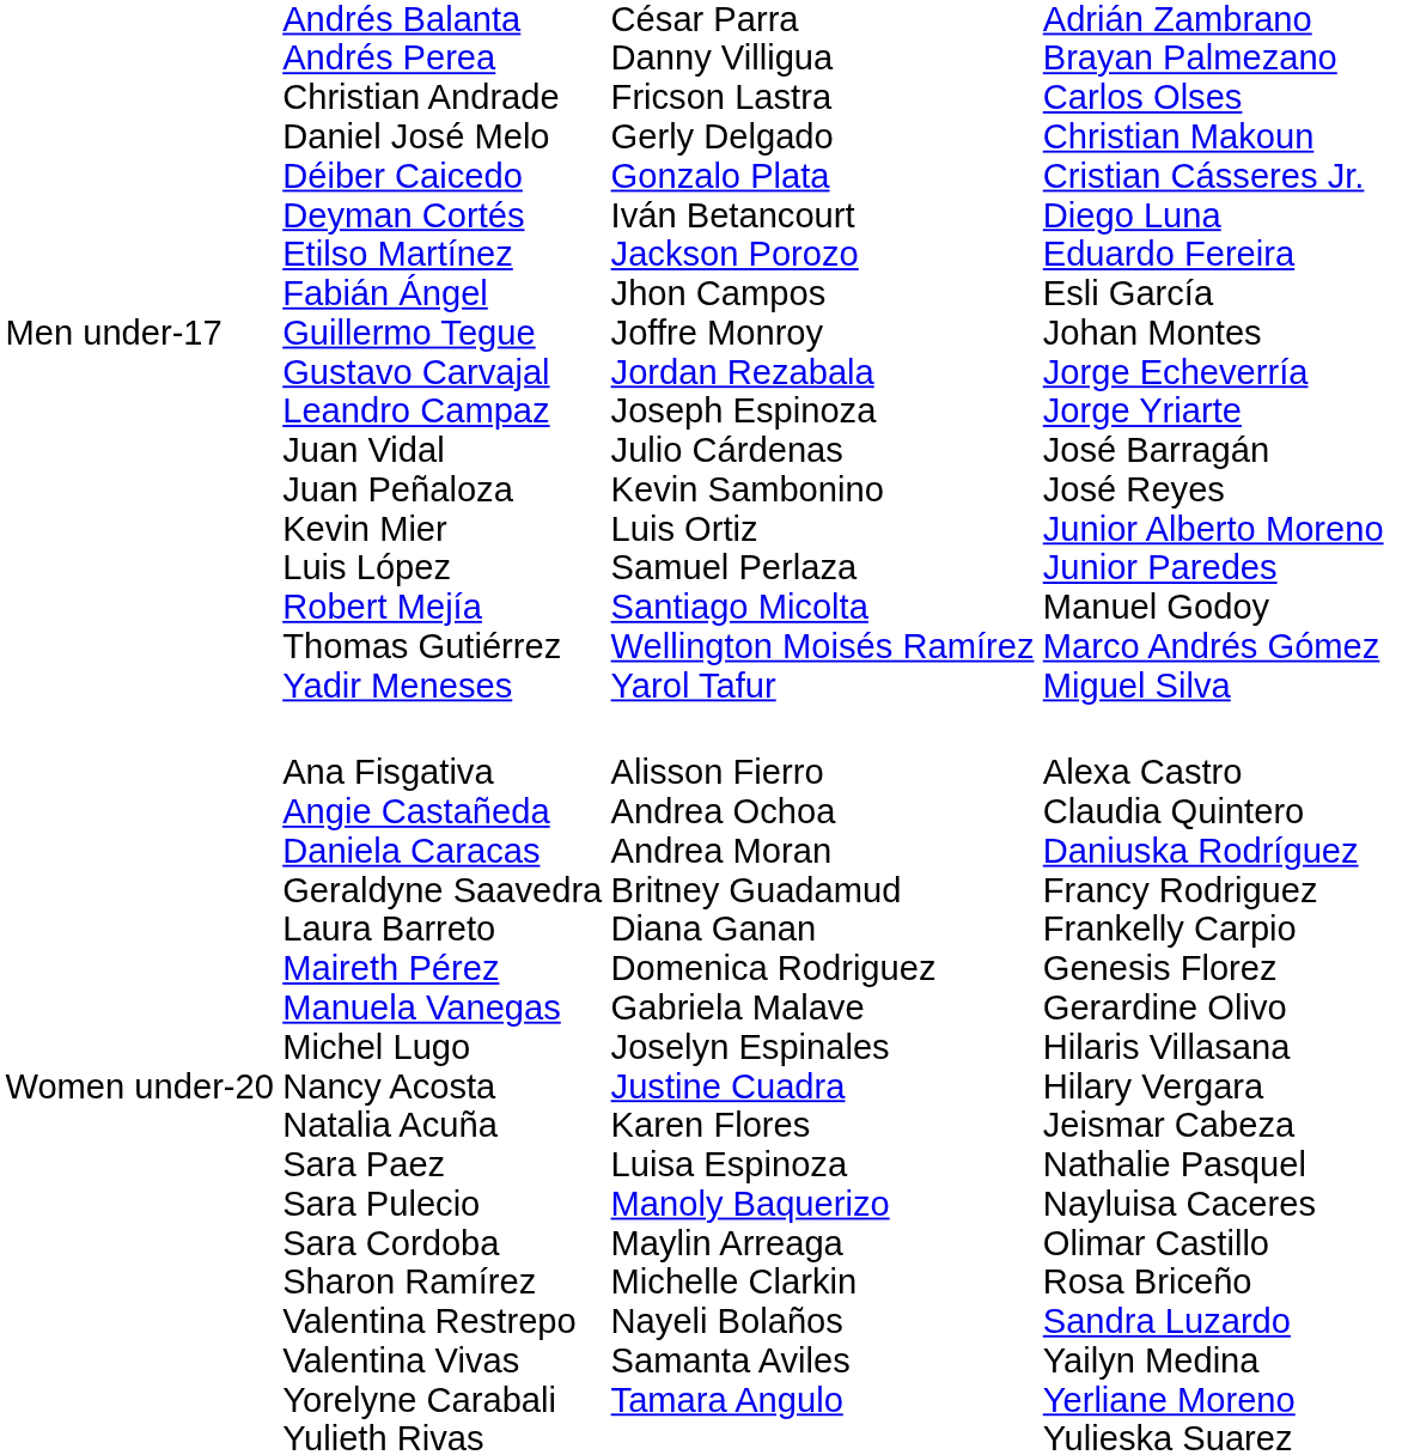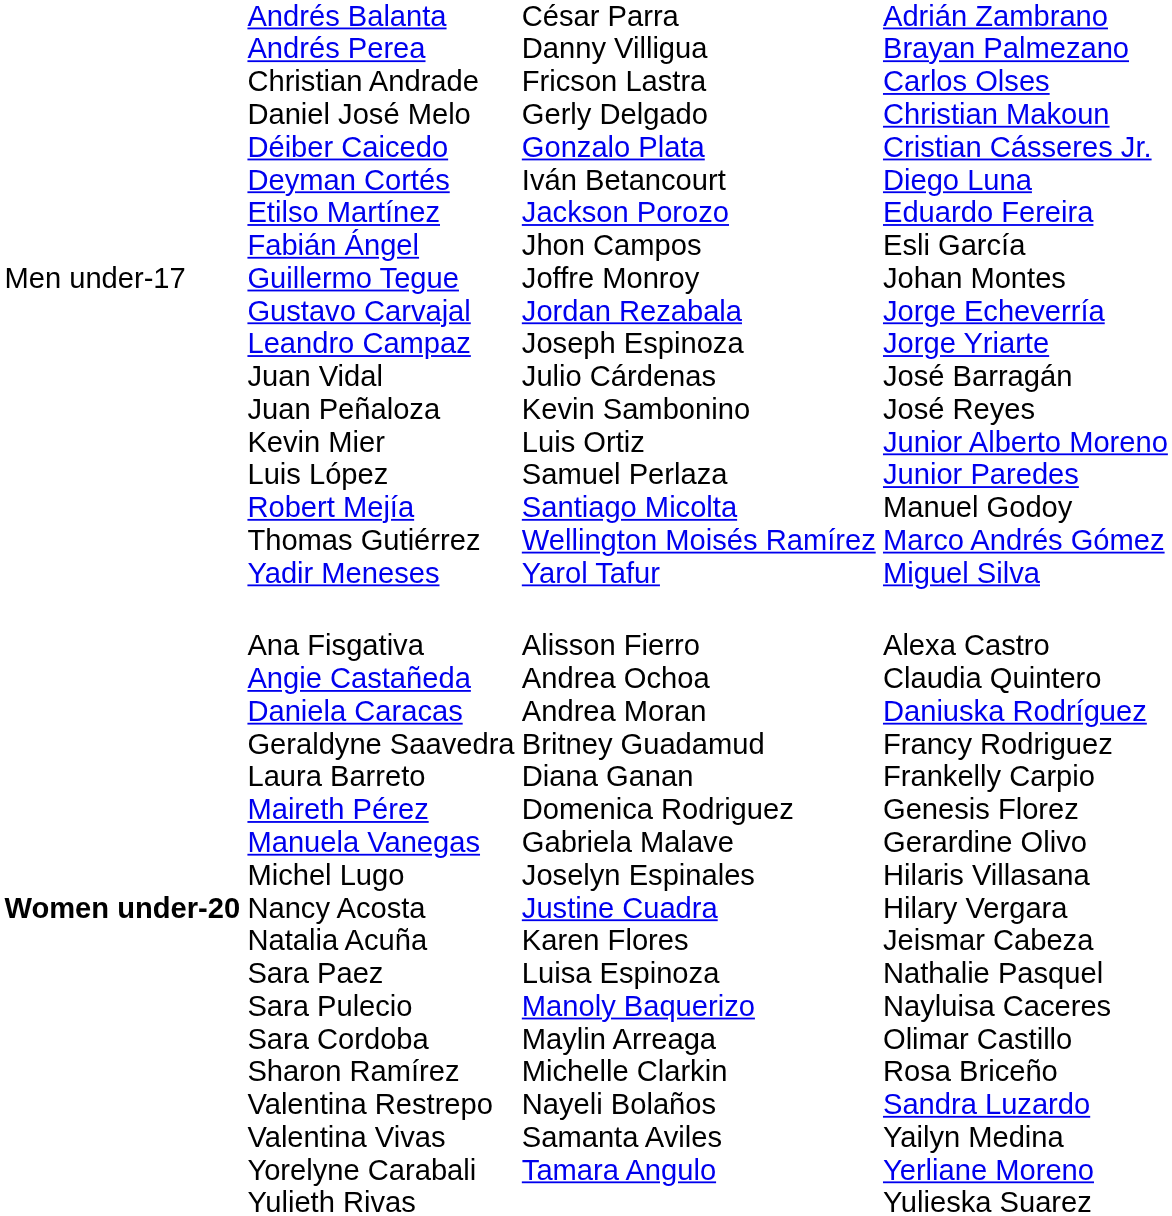 <table>
 <tr>
 <td>Men under-17</td>
 <td><br><a href='#'>Andrés Balanta</a><br><a href='#'>Andrés Perea</a><br>Christian Andrade<br>Daniel José Melo<br><a href='#'>Déiber Caicedo</a><br><a href='#'>Deyman Cortés</a><br><a href='#'>Etilso Martínez</a><br><a href='#'>Fabián Ángel</a><br><a href='#'>Guillermo Tegue</a><br><a href='#'>Gustavo Carvajal</a><br><a href='#'>Leandro Campaz</a><br>Juan Vidal<br>Juan Peñaloza<br>Kevin Mier<br>Luis López<br><a href='#'>Robert Mejía</a><br>Thomas Gutiérrez<br><a href='#'>Yadir Meneses</a></td>
 <td nowrap><br>César Parra<br>Danny Villigua<br>Fricson Lastra<br>Gerly Delgado<br><a href='#'>Gonzalo Plata</a><br>Iván Betancourt<br><a href='#'>Jackson Porozo</a><br>Jhon Campos<br>Joffre Monroy<br><a href='#'>Jordan Rezabala</a><br>Joseph Espinoza<br>Julio Cárdenas<br>Kevin Sambonino<br>Luis Ortiz<br>Samuel Perlaza<br><a href='#'>Santiago Micolta</a><br><a href='#'>Wellington Moisés Ramírez</a><br><a href='#'>Yarol Tafur</a></td>
 <td nowrap><br><a href='#'>Adrián Zambrano</a><br><a href='#'>Brayan Palmezano</a><br><a href='#'>Carlos Olses</a><br><a href='#'>Christian Makoun</a><br><a href='#'>Cristian Cásseres Jr.</a><br><a href='#'>Diego Luna</a><br><a href='#'>Eduardo Fereira</a><br>Esli García<br>Johan Montes<br><a href='#'>Jorge Echeverría</a><br><a href='#'>Jorge Yriarte</a><br>José Barragán<br>José Reyes<br><a href='#'>Junior Alberto Moreno</a><br><a href='#'>Junior Paredes</a><br>Manuel Godoy<br><a href='#'>Marco Andrés Gómez</a><br><a href='#'>Miguel Silva</a></td>
 </tr>
 <tr>
-<td>Women under-20</td>
+<td><strong>Women under-20</strong></td>
 <td nowrap><br>Ana Fisgativa<br><a href='#'>Angie Castañeda</a><br><a href='#'>Daniela Caracas</a><br>Geraldyne Saavedra<br>Laura Barreto<br><a href='#'>Maireth Pérez</a><br><a href='#'>Manuela Vanegas</a><br>Michel Lugo<br>Nancy Acosta<br>Natalia Acuña<br>Sara Paez<br>Sara Pulecio<br>Sara Cordoba<br>Sharon Ramírez<br>Valentina Restrepo<br>Valentina Vivas<br>Yorelyne Carabali<br>Yulieth Rivas</td>
 <td valign=top><br>Alisson Fierro<br>Andrea Ochoa<br>Andrea Moran<br>Britney Guadamud<br>Diana Ganan<br>Domenica Rodriguez<br>Gabriela Malave<br>Joselyn Espinales<br><a href='#'>Justine Cuadra</a><br>Karen Flores<br>Luisa Espinoza<br><a href='#'>Manoly Baquerizo</a><br>Maylin Arreaga<br>Michelle Clarkin<br>Nayeli Bolaños<br>Samanta Aviles<br><a href='#'>Tamara Angulo</a></td>
 <td><br>Alexa Castro<br>Claudia Quintero<br><a href='#'>Daniuska Rodríguez</a><br>Francy Rodriguez<br>Frankelly Carpio<br>Genesis Florez<br>Gerardine Olivo<br>Hilaris Villasana<br>Hilary Vergara<br>Jeismar Cabeza<br>Nathalie Pasquel<br>Nayluisa Caceres<br>Olimar Castillo<br>Rosa Briceño<br><a href='#'>Sandra Luzardo</a><br>Yailyn Medina<br><a href='#'>Yerliane Moreno</a><br>Yulieska Suarez</td>
 </tr>
 </table>
